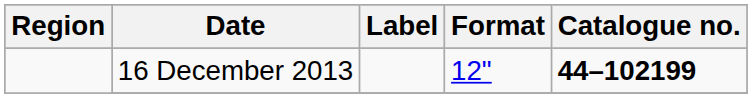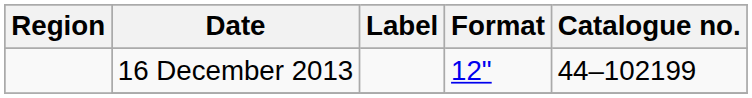 <table class="wikitable plainrowheaders">
 <tr>
 <th scope="col">Region</th>
 <th scope="col">Date</th>
 <th scope="col">Label</th>
 <th scope="col">Format</th>
 <th scope="col">Catalogue no.</th>
 </tr>
 <tr>
 <td rowspan="2"></td>
 <td>16 December 2013</td>
 <td></td>
 <td><a href='#'>12"</a></td>
-<td><strong>44–102199</strong></td>
+<td>44–102199</td>
 </tr>
 <tr>
 </tr>
 </table>
